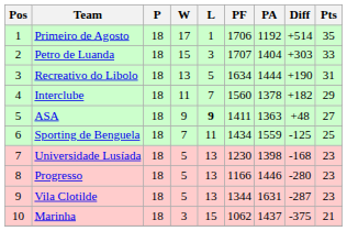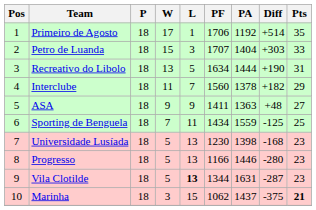 <table class="wikitable" style="text-align:center; font-size:90%">
 <tr>
 <th width=25>Pos</th>
 <th>Team</th>
 <th width=25>P</th>
 <th width=25>W</th>
 <th width=25>L</th>
 <th>PF</th>
 <th>PA</th>
 <th>Diff</th>
 <th width=25>Pts</th>
 </tr>
 <tr style="background: #ccffcc;">
 <td>1</td>
 <td align=left><a href='#'>Primeiro de Agosto</a></td>
 <td>18</td>
 <td>17</td>
 <td>1</td>
 <td>1706</td>
 <td>1192</td>
 <td>+514</td>
 <td>35</td>
 </tr>
 <tr style="background: #ccffcc;">
 <td>2</td>
 <td align=left><a href='#'>Petro de Luanda</a></td>
 <td>18</td>
 <td>15</td>
 <td>3</td>
 <td>1707</td>
 <td>1404</td>
 <td>+303</td>
 <td>33</td>
 </tr>
 <tr style="background: #ccffcc;">
 <td>3</td>
 <td align=left><a href='#'>Recreativo do Libolo</a></td>
 <td>18</td>
 <td>13</td>
 <td>5</td>
 <td>1634</td>
 <td>1444</td>
 <td>+190</td>
 <td>31</td>
 </tr>
 <tr style="background: #ccffcc;">
 <td>4</td>
 <td align=left><a href='#'>Interclube</a></td>
 <td>18</td>
 <td>11</td>
 <td>7</td>
 <td>1560</td>
 <td>1378</td>
 <td>+182</td>
 <td>29</td>
 </tr>
 <tr style="background: #ccffcc;">
 <td>5</td>
 <td align=left><a href='#'>ASA</a></td>
 <td>18</td>
 <td>9</td>
-<td><strong>9</strong></td>
+<td>9</td>
 <td>1411</td>
 <td>1363</td>
 <td>+48</td>
 <td>27</td>
 </tr>
 <tr style="background: #ccffcc;">
 <td>6</td>
 <td align=left><a href='#'>Sporting de Benguela</a></td>
 <td>18</td>
 <td>7</td>
 <td>11</td>
 <td>1434</td>
 <td>1559</td>
 <td>-125</td>
 <td>25</td>
 </tr>
 <tr style="background: #ffcccc;">
 <td>7</td>
 <td align=left><a href='#'>Universidade Lusíada</a></td>
 <td>18</td>
 <td>5</td>
 <td>13</td>
 <td>1230</td>
 <td>1398</td>
 <td>-168</td>
 <td>23</td>
 </tr>
 <tr style="background: #ffcccc;">
 <td>8</td>
 <td align=left><a href='#'>Progresso</a></td>
 <td>18</td>
 <td>5</td>
 <td>13</td>
 <td>1166</td>
 <td>1446</td>
 <td>-280</td>
 <td>23</td>
 </tr>
 <tr style="background: #ffcccc;">
 <td>9</td>
 <td align=left><a href='#'>Vila Clotilde</a></td>
 <td>18</td>
 <td>5</td>
-<td>13</td>
+<td><strong>13</strong></td>
 <td>1344</td>
 <td>1631</td>
 <td>-287</td>
 <td>23</td>
 </tr>
 <tr style="background: #ffcccc;">
 <td>10</td>
 <td align=left><a href='#'>Marinha</a></td>
 <td>18</td>
 <td>3</td>
 <td>15</td>
 <td>1062</td>
 <td>1437</td>
 <td>-375</td>
-<td>21</td>
+<td><strong>21</strong></td>
 </tr>
 <tr>
 </tr>
 </table>
